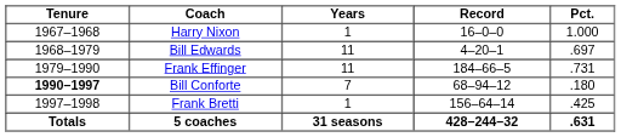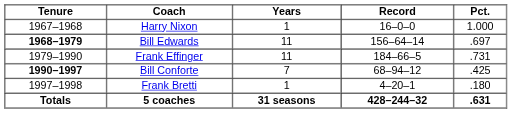 <table cellpadding="1" border="1" cellspacing="0" width="85%">
 <tr>
 <th>Tenure</th>
 <th>Coach</th>
 <th>Years</th>
 <th>Record</th>
 <th>Pct.</th>
 </tr>
 <tr align="center">
 <td>1967–1968</td>
 <td><a href='#'>Harry Nixon</a></td>
 <td>1</td>
 <td>16–0–0</td>
 <td>1.000</td>
 </tr>
 <tr align="center">
-<td>1968–1979</td>
+<td><strong>1968–1979</strong></td>
 <td><a href='#'>Bill Edwards</a></td>
 <td>11</td>
-<td>4–20–1</td>
+<td>156–64–14</td>
 <td>.697</td>
 </tr>
 <tr align="center">
 <td>1979–1990</td>
 <td><a href='#'>Frank Effinger</a></td>
 <td>11</td>
 <td>184–66–5</td>
 <td>.731</td>
 </tr>
 <tr align="center">
 <td><strong>1990–1997</strong></td>
 <td><a href='#'>Bill Conforte</a></td>
 <td>7</td>
 <td>68–94–12</td>
-<td>.180</td>
+<td>.425</td>
 </tr>
 <tr align="center">
 <td>1997–1998</td>
 <td><a href='#'>Frank Bretti</a></td>
 <td>1</td>
-<td>156–64–14</td>
-<td>.425</td>
+<td>4–20–1</td>
+<td>.180</td>
 </tr>
 <tr align="center">
 </tr>
 <tr align=center>
 <th>Totals</th>
 <th>5 coaches</th>
 <th>31 seasons</th>
 <th>428–244–32</th>
 <th>.631</th>
 </tr>
 </table>
